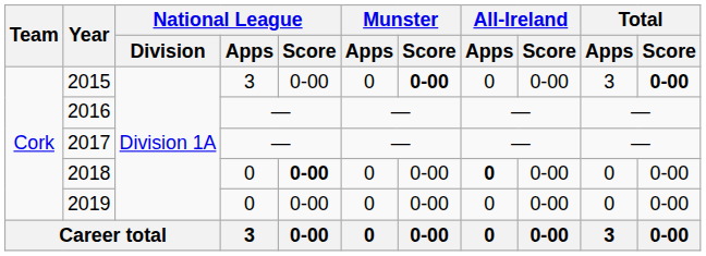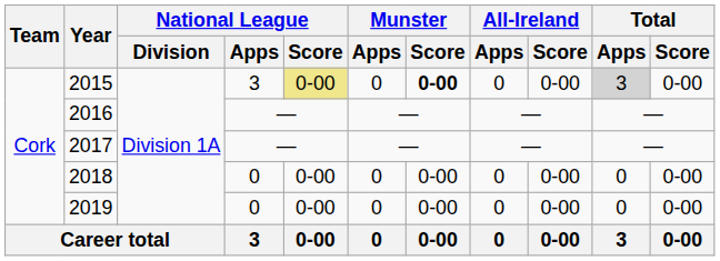 <table class="wikitable" style="text-align:center">
 <tr>
 <th rowspan="2">Team</th>
 <th rowspan="2">Year</th>
 <th colspan="3"><a href='#'>National League</a></th>
 <th colspan="2"><a href='#'>Munster</a></th>
 <th colspan="2"><a href='#'>All-Ireland</a></th>
 <th colspan="2">Total</th>
 </tr>
 <tr>
 <th>Division</th>
 <th>Apps</th>
 <th>Score</th>
 <th>Apps</th>
 <th>Score</th>
 <th>Apps</th>
 <th>Score</th>
 <th>Apps</th>
 <th>Score</th>
 </tr>
 <tr>
 <td rowspan="5"><a href='#'>Cork</a></td>
 <td>2015</td>
 <td rowspan="5"><a href='#'>Division 1A</a></td>
 <td>3</td>
-<td>0-00</td>
+<td style="background: khaki;">0-00</td>
 <td>0</td>
 <td><strong>0-00</strong></td>
 <td>0</td>
 <td>0-00</td>
-<td>3</td>
-<td><strong>0-00</strong></td>
+<td style="background: lightgrey;">3</td>
+<td>0-00</td>
 </tr>
 <tr>
 <td>2016</td>
 <td colspan=2>—</td>
 <td colspan=2>—</td>
 <td colspan=2>—</td>
 <td colspan=2>—</td>
 </tr>
 <tr>
 <td>2017</td>
 <td colspan=2>—</td>
 <td colspan=2>—</td>
 <td colspan=2>—</td>
 <td colspan=2>—</td>
 </tr>
 <tr>
 <td>2018</td>
 <td>0</td>
-<td><strong>0-00</strong></td>
+<td>0-00</td>
 <td>0</td>
 <td>0-00</td>
-<td><strong>0</strong></td>
+<td>0</td>
 <td>0-00</td>
 <td>0</td>
 <td>0-00</td>
 </tr>
 <tr>
 <td>2019</td>
 <td>0</td>
 <td>0-00</td>
 <td>0</td>
 <td>0-00</td>
 <td>0</td>
 <td>0-00</td>
 <td>0</td>
 <td>0-00</td>
 </tr>
 <tr>
 <th colspan="3">Career total</th>
 <th>3</th>
 <th>0-00</th>
 <th>0</th>
 <th>0-00</th>
 <th>0</th>
 <th>0-00</th>
 <th>3</th>
 <th>0-00</th>
 </tr>
 </table>
